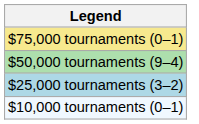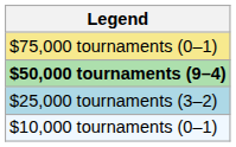 <table class="wikitable" style="font-size:85%">
 <tr>
 <th>Legend</th>
 </tr>
 <tr style="background:#f7e98e;">
 <td>$75,000 tournaments (0–1)</td>
 </tr>
 <tr style="background:#addfad;">
-<td>$50,000 tournaments (9–4)</td>
+<td><strong>$50,000 tournaments (9–4)</strong></td>
 </tr>
 <tr style="background:lightblue;">
 <td>$25,000 tournaments (3–2)</td>
 </tr>
 <tr style="background:#f0f8ff;">
 <td>$10,000 tournaments (0–1)</td>
 </tr>
 </table>
